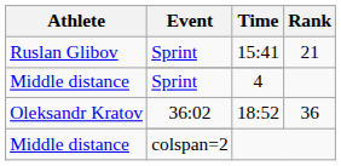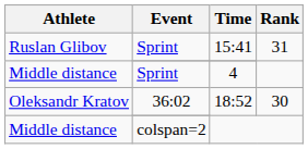 <table class=wikitable style="font-size:90%">
 <tr>
 <th>Athlete</th>
 <th>Event</th>
 <th>Time</th>
 <th>Rank</th>
 </tr>
 <tr align=center>
 <td align=left rowspan=2><a href='#'>Ruslan Glibov</a></td>
 <td align=left><a href='#'>Sprint</a></td>
 <td>15:41</td>
-<td>21</td>
+<td>31</td>
 </tr>
 <tr>
 </tr>
 <tr align=center>
 <td align=left><a href='#'>Middle distance</a></td>
 <td align=left><a href='#'>Sprint</a></td>
 <td>4</td>
 </tr>
 <tr align=center>
 <td align=left rowspan=2><a href='#'>Oleksandr Kratov</a></td>
 <td>36:02</td>
 <td>18:52</td>
-<td>36</td>
+<td>30</td>
 </tr>
 <tr>
 </tr>
 <tr align=center>
 <td align=left><a href='#'>Middle distance</a></td>
 <td>colspan=2 </td>
 </tr>
 </table>
